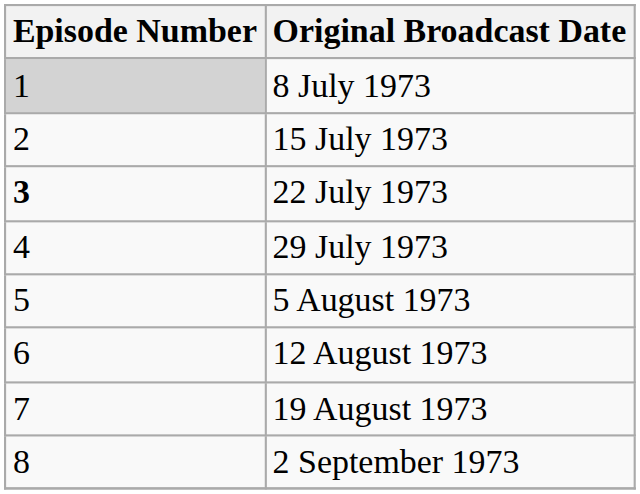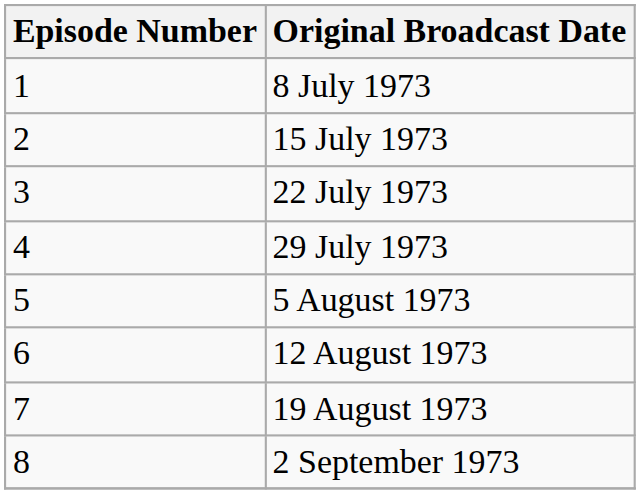 <table class="wikitable">
 <tr>
 <th>Episode Number</th>
 <th>Original Broadcast Date</th>
 </tr>
 <tr>
-<td style="background: lightgrey;">1</td>
+<td>1</td>
 <td>8 July 1973</td>
 </tr>
 <tr>
 <td>2</td>
 <td>15 July 1973</td>
 </tr>
 <tr>
-<td><strong>3</strong></td>
+<td>3</td>
 <td>22 July 1973</td>
 </tr>
 <tr>
 <td>4</td>
 <td>29 July 1973</td>
 </tr>
 <tr>
 <td>5</td>
 <td>5 August 1973</td>
 </tr>
 <tr>
 <td>6</td>
 <td>12 August 1973</td>
 </tr>
 <tr>
 <td>7</td>
 <td>19 August 1973</td>
 </tr>
 <tr>
 <td>8</td>
 <td>2 September 1973</td>
 </tr>
 <tr>
 </tr>
 </table>
